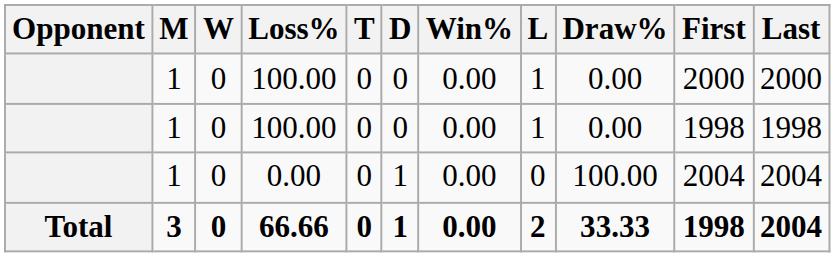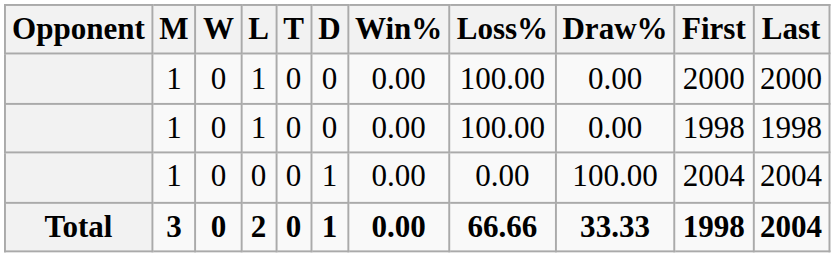 <table class="wikitable plainrowheaders sortable" style="text-align:center">
 <tr>
 <th scope="col">Opponent</th>
 <th scope="col">M</th>
 <th scope="col">W</th>
-<th scope="col">Loss%</th>
+<th scope="col">L</th>
 <th scope="col">T</th>
 <th scope="col">D</th>
 <th scope="col">Win%</th>
-<th scope="col">L</th>
+<th scope="col">Loss%</th>
 <th scope="col">Draw%</th>
 <th scope="col">First</th>
 <th scope="col">Last</th>
 </tr>
 <tr>
 <th scope="row"></th>
 <td>1</td>
 <td>0</td>
-<td>100.00</td>
+<td>1</td>
 <td>0</td>
 <td>0</td>
 <td>0.00</td>
-<td>1</td>
+<td>100.00</td>
 <td>0.00</td>
 <td>2000</td>
 <td>2000</td>
 </tr>
 <tr>
 <th scope="row"></th>
 <td>1</td>
 <td>0</td>
-<td>100.00</td>
+<td>1</td>
 <td>0</td>
 <td>0</td>
 <td>0.00</td>
-<td>1</td>
+<td>100.00</td>
 <td>0.00</td>
 <td>1998</td>
 <td>1998</td>
 </tr>
 <tr>
 <th scope="row"></th>
 <td>1</td>
 <td>0</td>
-<td>0.00</td>
+<td>0</td>
 <td>0</td>
 <td>1</td>
 <td>0.00</td>
-<td>0</td>
+<td>0.00</td>
 <td>100.00</td>
 <td>2004</td>
 <td>2004</td>
 </tr>
 <tr class="sortbottom">
 <th scope="row"><strong>Total</strong></th>
 <td><strong>3 </strong></td>
 <td><strong>0 </strong></td>
-<td><strong>66.66</strong></td>
+<td><strong>2 </strong></td>
 <td><strong>0 </strong></td>
 <td><strong>1 </strong></td>
 <td><strong>0.00 </strong></td>
-<td><strong>2 </strong></td>
+<td><strong>66.66</strong></td>
 <td><strong>33.33 </strong></td>
 <td><strong>1998</strong></td>
 <td><strong>2004</strong></td>
 </tr>
 </table>
